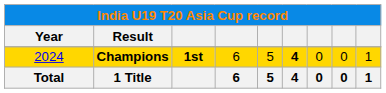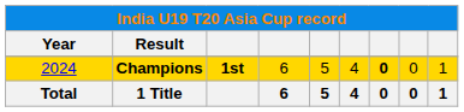 <table class="wikitable" style="font-size:90%; text-align:center;">
 <tr>
 <th style="background:#0889e6; color:#FF8800; text-align:center;" colspan=9>India U19 T20 Asia Cup record</th>
 </tr>
 <tr>
 <th width="90">Year</th>
 <th>Result</th>
 <th width="40"></th>
 <th width="40"></th>
 <th width="20"></th>
 <th width="20"></th>
 <th width="20"></th>
 <th width="20"></th>
 <th width="20"></th>
 </tr>
 <tr>
 </tr>
 <tr bgcolor=gold>
 <td> <a href='#'>2024</a></td>
 <td><strong>Champions</strong></td>
 <td><strong>1st</strong></td>
 <td>6</td>
 <td>5</td>
-<td><strong>4</strong></td>
-<td>0</td>
+<td>4</td>
+<td><strong>0</strong></td>
 <td>0</td>
 <td>1</td>
 </tr>
 <tr>
 <th>Total</th>
 <th><strong>1 Title</strong></th>
 <th></th>
 <th>6</th>
 <th>5</th>
 <th>4</th>
 <th>0</th>
 <th>0</th>
 <th>1</th>
 </tr>
 </table>
